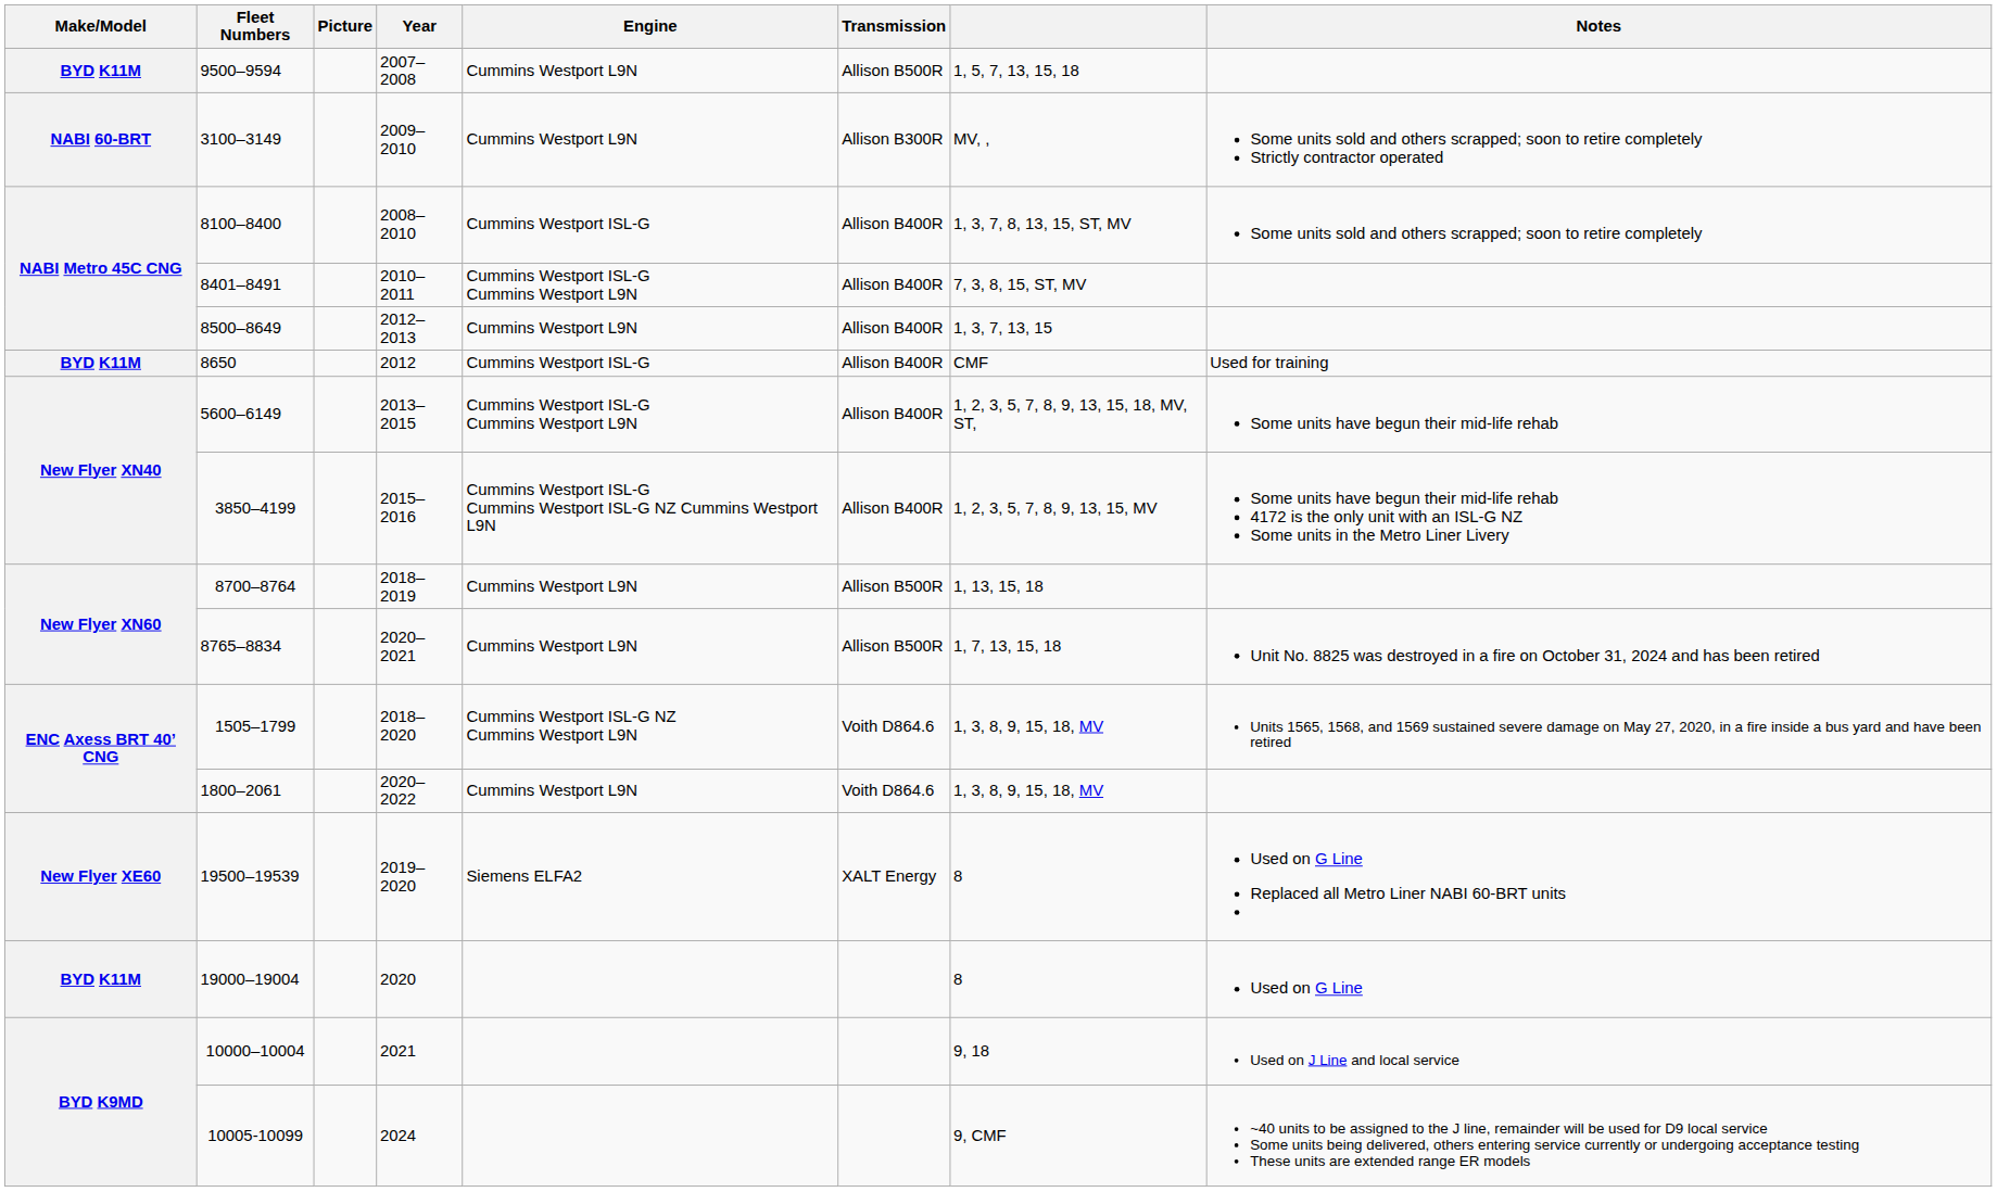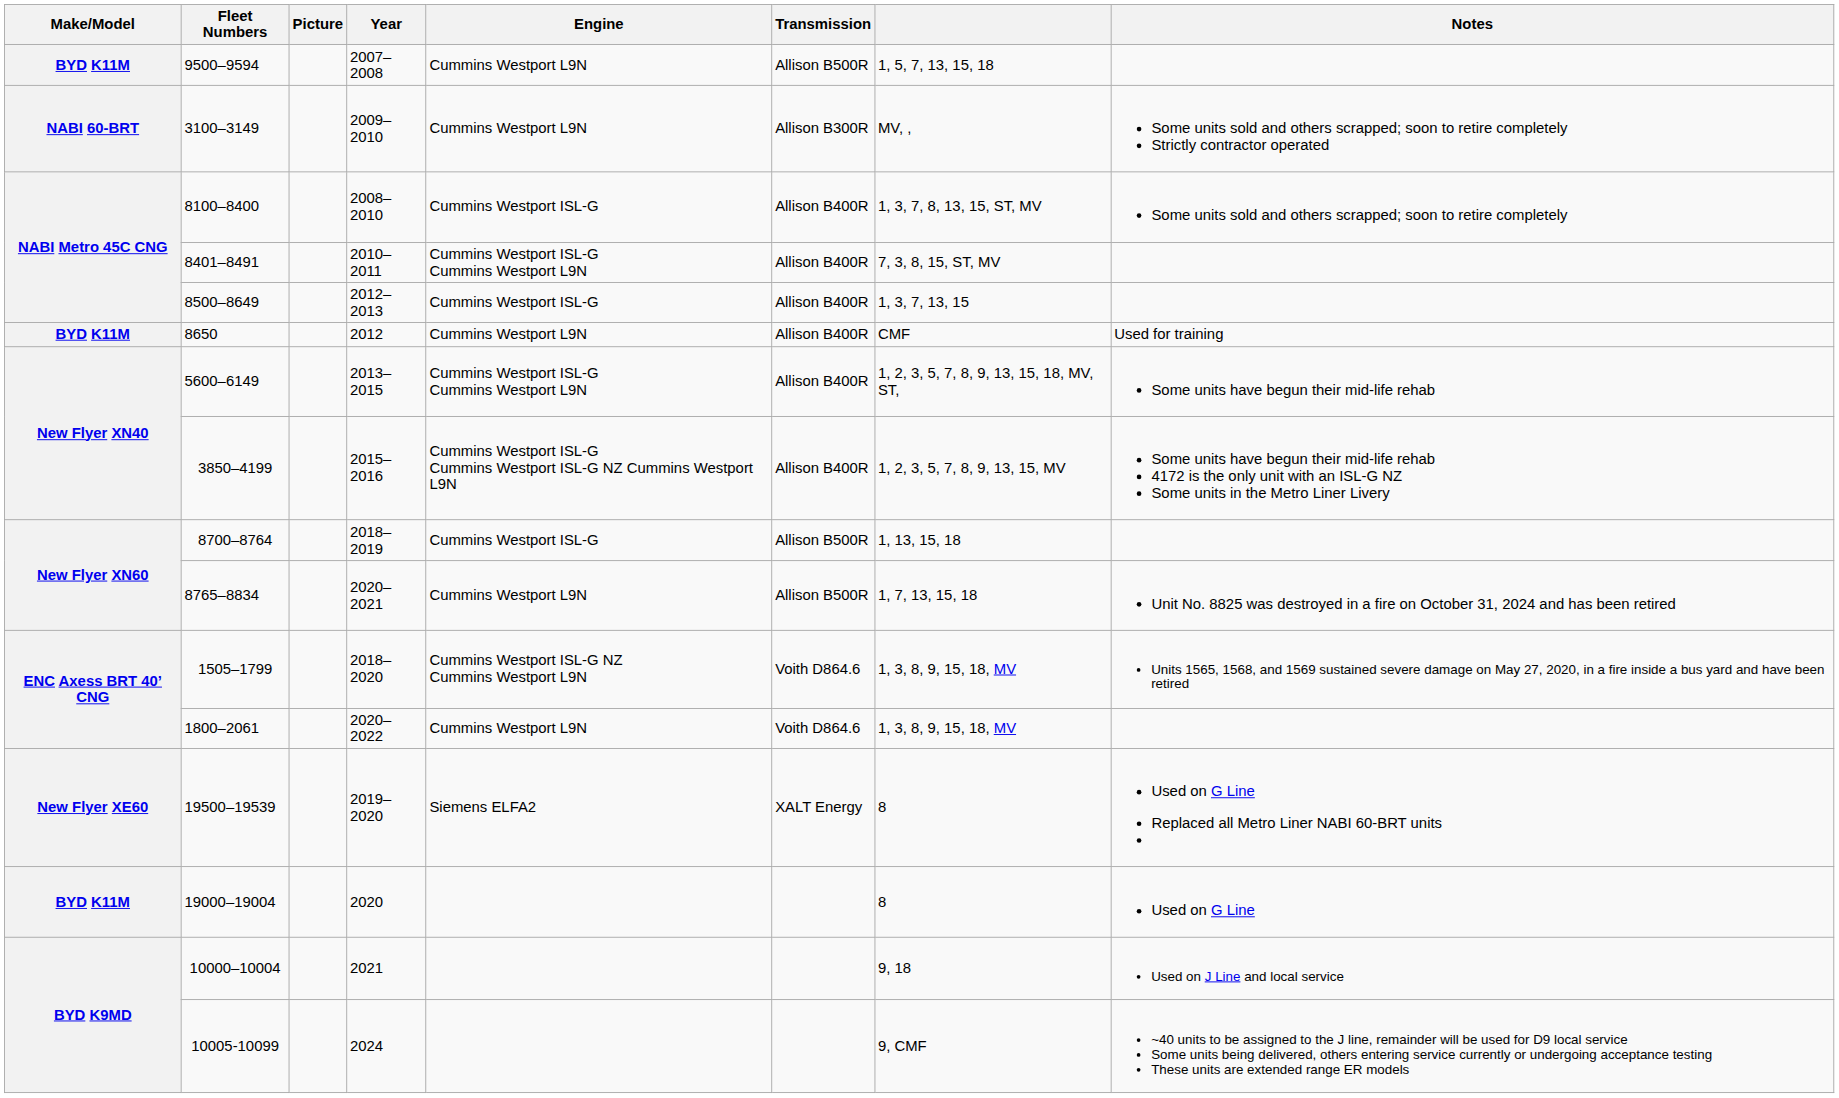 <table class="wikitable sortable" style="text-align:left;font-size:100%;">
 <tr>
 <th>Make/Model</th>
 <th>Fleet Numbers</th>
 <th>Picture</th>
 <th>Year</th>
 <th>Engine</th>
 <th>Transmission</th>
 <th></th>
 <th class="unsortable">Notes</th>
 </tr>
 <tr>
 <th><a href='#'>BYD</a> <a href='#'>K11M</a></th>
 <td>9500–9594</td>
 <td></td>
 <td>2007–2008</td>
 <td>Cummins Westport L9N</td>
 <td>Allison B500R</td>
 <td>1, 5, 7, 13, 15, 18</td>
 <td></td>
 </tr>
 <tr>
 <th><a href='#'>NABI</a> <a href='#'>60-BRT</a></th>
 <td>3100–3149</td>
 <td></td>
 <td>2009–2010</td>
 <td>Cummins Westport L9N</td>
 <td>Allison B300R</td>
 <td>MV, ,</td>
 <td><br><ul><li>Some units sold and others scrapped; soon to retire completely</li><li>Strictly contractor operated</li></ul></td>
 </tr>
 <tr>
 <th rowspan="3"><a href='#'>NABI</a> <a href='#'>Metro 45C CNG</a></th>
 <td>8100–8400</td>
 <td></td>
 <td>2008–2010</td>
 <td>Cummins Westport ISL-G</td>
 <td>Allison B400R</td>
 <td>1, 3, 7, 8, 13, 15, ST, MV</td>
 <td><br><ul><li>Some units sold and others scrapped; soon to retire completely</li></ul></td>
 </tr>
 <tr>
 <td>8401–8491</td>
 <td></td>
 <td>2010–2011</td>
 <td>Cummins Westport ISL-G<br>Cummins Westport L9N</td>
 <td>Allison B400R</td>
 <td>7, 3, 8, 15, ST, MV</td>
 <td></td>
 </tr>
 <tr>
 <td>8500–8649</td>
 <td></td>
 <td>2012–2013</td>
-<td>Cummins Westport L9N</td>
+<td>Cummins Westport ISL-G</td>
 <td>Allison B400R</td>
 <td>1, 3, 7, 13, 15</td>
 <td></td>
 </tr>
 <tr>
 <th><a href='#'>BYD</a> <a href='#'>K11M</a></th>
 <td>8650</td>
 <td></td>
 <td>2012</td>
-<td>Cummins Westport ISL-G</td>
+<td>Cummins Westport L9N</td>
 <td>Allison B400R</td>
 <td>CMF</td>
 <td>Used for training</td>
 </tr>
 <tr>
 <th rowspan="2"><a href='#'>New Flyer</a> <a href='#'>XN40</a></th>
 <td>5600–6149</td>
 <td></td>
 <td>2013–2015</td>
 <td>Cummins Westport ISL-G<br>Cummins Westport L9N</td>
 <td>Allison B400R</td>
 <td>1, 2, 3, 5, 7, 8, 9, 13, 15, 18, MV, ST,</td>
 <td><br><ul><li>Some units have begun their mid-life rehab</li></ul></td>
 </tr>
 <tr>
 <td align="center">3850–4199</td>
 <td></td>
 <td>2015–2016</td>
 <td>Cummins Westport ISL-G<br>Cummins Westport ISL-G NZ Cummins Westport L9N</td>
 <td>Allison B400R</td>
 <td>1, 2, 3, 5, 7, 8, 9, 13, 15, MV</td>
 <td><br><ul><li>Some units have begun their mid-life rehab</li><li>4172 is the only unit with an ISL-G NZ</li><li>Some units in the Metro Liner Livery</li></ul></td>
 </tr>
 <tr>
 <th rowspan="2"><a href='#'>New Flyer</a> <a href='#'>XN60</a></th>
 <td align="center">8700–8764</td>
 <td></td>
 <td>2018–2019</td>
-<td>Cummins Westport L9N</td>
+<td>Cummins Westport ISL-G</td>
 <td>Allison B500R</td>
 <td>1, 13, 15, 18</td>
 <td style="font-size:90%;"></td>
 </tr>
 <tr>
 <td>8765–8834</td>
 <td></td>
 <td>2020–2021</td>
 <td>Cummins Westport L9N</td>
 <td>Allison B500R</td>
 <td>1, 7, 13, 15, 18</td>
 <td><br><ul><li>Unit No. 8825 was destroyed in a fire on October 31, 2024 and has been retired</li></ul></td>
 </tr>
 <tr>
 <th rowspan="2"><a href='#'>ENC</a> <a href='#'>Axess BRT 40’ CNG</a></th>
 <td align="center">1505–1799</td>
 <td></td>
 <td>2018–2020</td>
 <td>Cummins Westport ISL-G NZ<br>Cummins Westport L9N</td>
 <td>Voith D864.6</td>
 <td>1, 3, 8, 9, 15, 18, <a href='#'>MV</a></td>
 <td style="font-size:90%;"><br><ul><li>Units 1565, 1568, and 1569 sustained severe damage on May 27, 2020, in a fire inside a bus yard and have been retired</li></ul></td>
 </tr>
 <tr>
 <td>1800–2061</td>
 <td></td>
 <td>2020–2022</td>
 <td>Cummins Westport L9N</td>
 <td>Voith D864.6</td>
 <td>1, 3, 8, 9, 15, 18, <a href='#'>MV</a></td>
 <td></td>
 </tr>
 <tr>
 <th><a href='#'>New Flyer</a> <a href='#'>XE60</a></th>
 <td>19500–19539</td>
 <td></td>
 <td>2019–2020</td>
 <td>Siemens ELFA2</td>
 <td>XALT Energy</td>
 <td>8</td>
 <td><br><ul><li>Used on <a href='#'>G Line</a></li></ul><ul><li>Replaced all Metro Liner NABI 60-BRT units</li><li></li></ul></td>
 </tr>
 <tr>
 <th><a href='#'>BYD</a> <a href='#'>K11M</a></th>
 <td>19000–19004</td>
 <td></td>
 <td>2020</td>
 <td></td>
 <td></td>
 <td>8</td>
 <td><br><ul><li>Used on <a href='#'>G Line</a></li></ul></td>
 </tr>
 <tr>
 <th rowspan="2"><a href='#'>BYD</a> <a href='#'>K9MD</a></th>
 <td align="center">10000–10004</td>
 <td></td>
 <td>2021</td>
 <td></td>
 <td></td>
 <td>9, 18</td>
 <td style="font-size:90%;"><br><ul><li>Used on <a href='#'>J Line</a> and local service</li></ul></td>
 </tr>
 <tr>
 <td align="center">10005-10099</td>
 <td></td>
 <td>2024</td>
 <td></td>
 <td></td>
 <td>9, CMF</td>
 <td style="font-size:90%;"><br><ul><li>~40 units to be assigned to the J line, remainder will be used for D9 local service</li><li>Some units being delivered, others entering service currently or undergoing acceptance testing</li><li>These units are extended range ER models</li></ul></td>
 </tr>
 </table>
